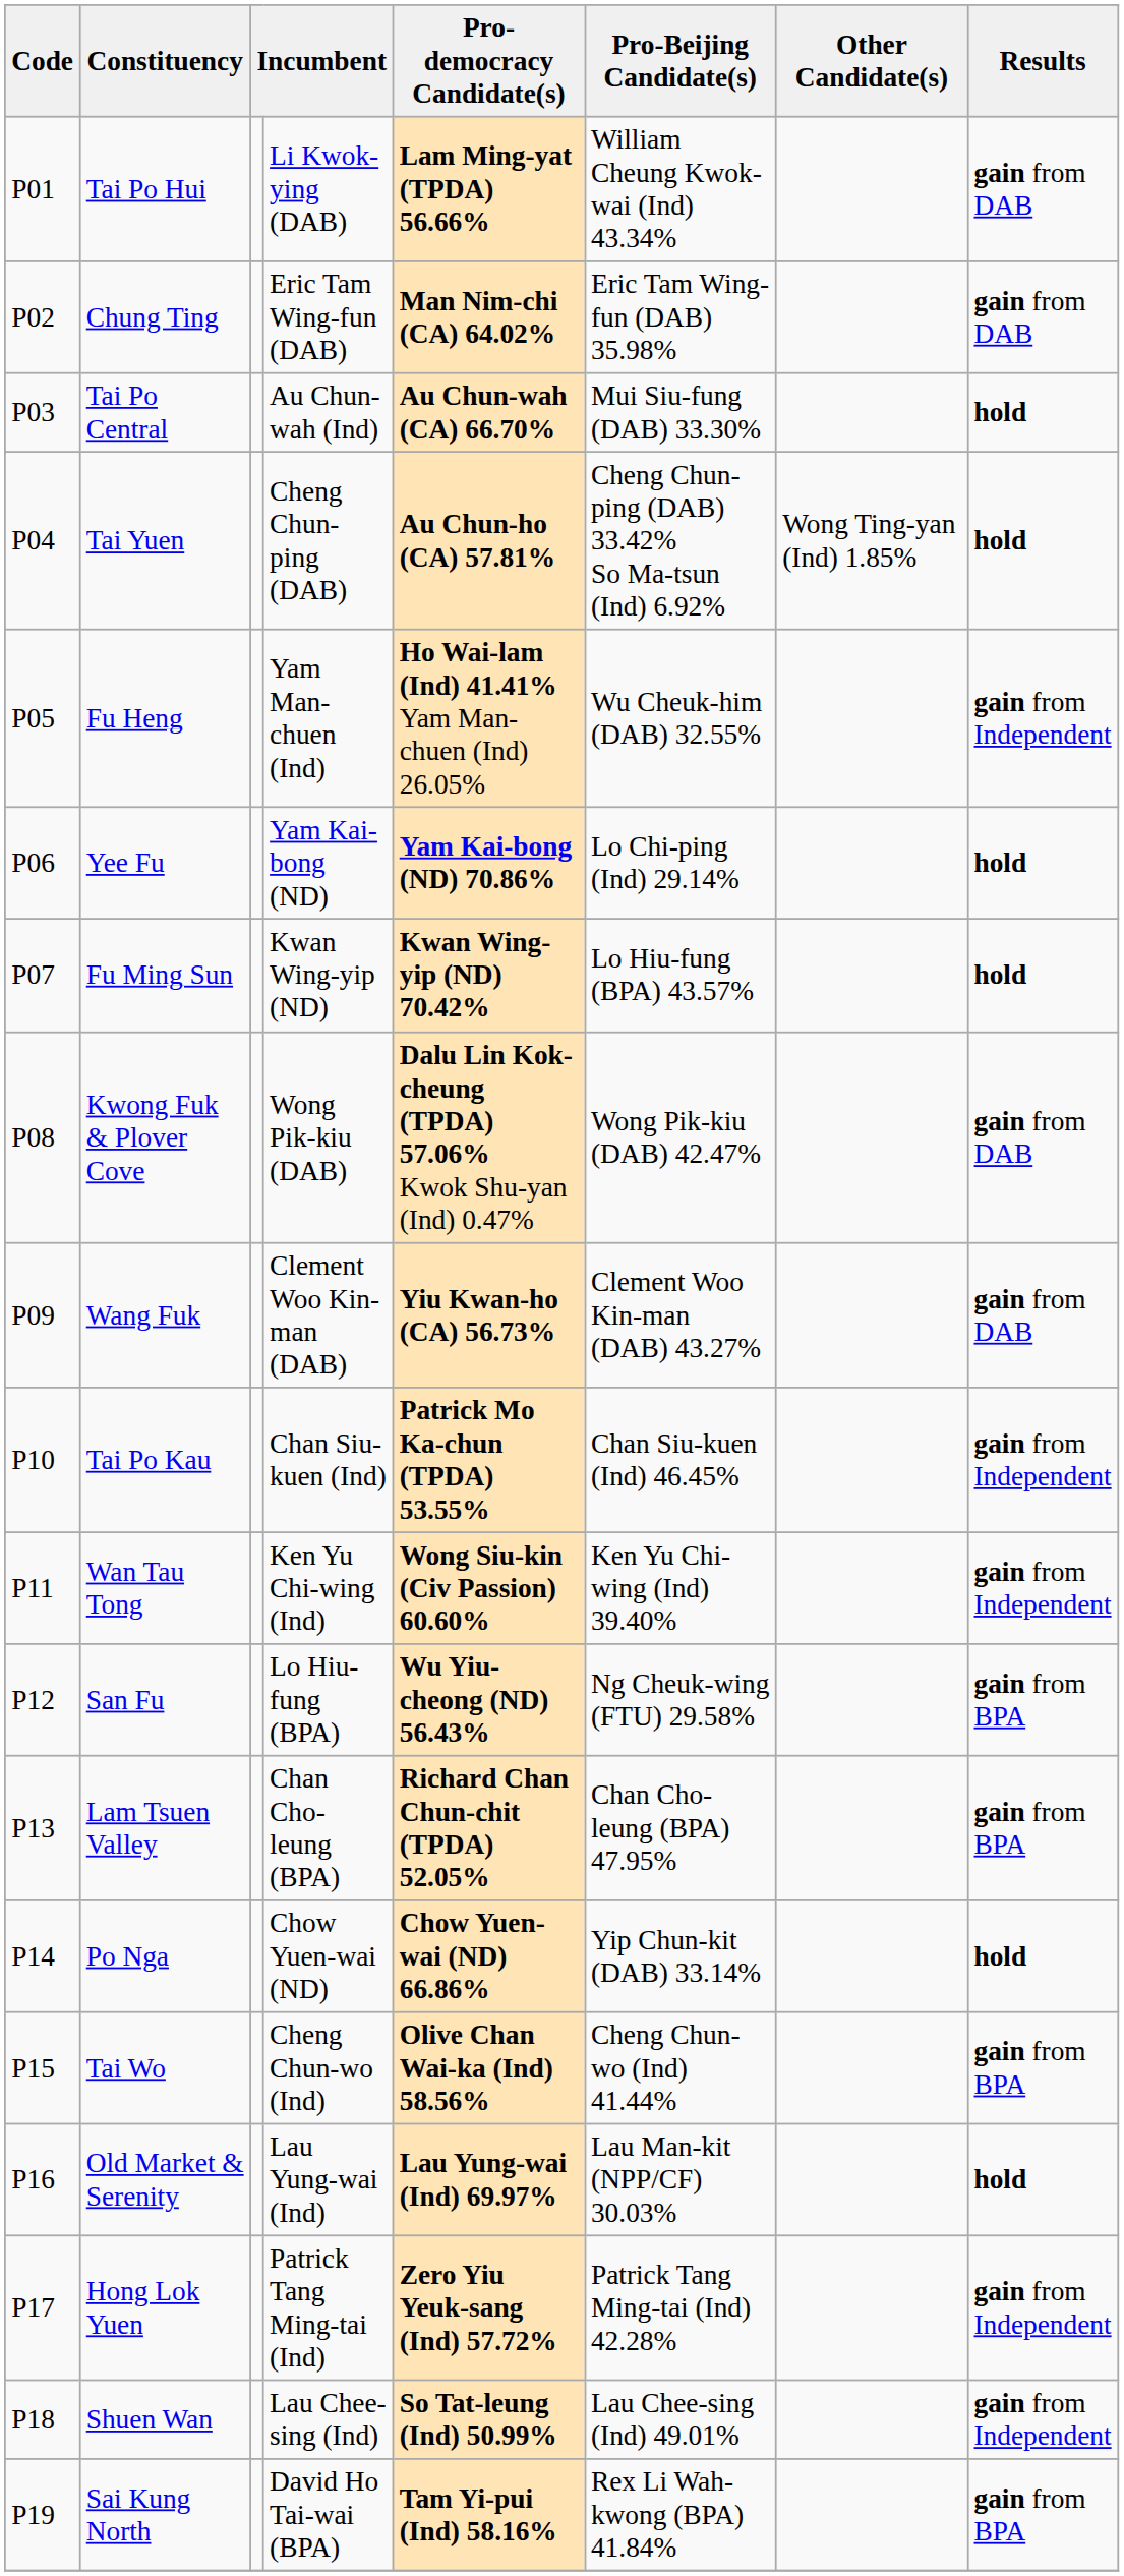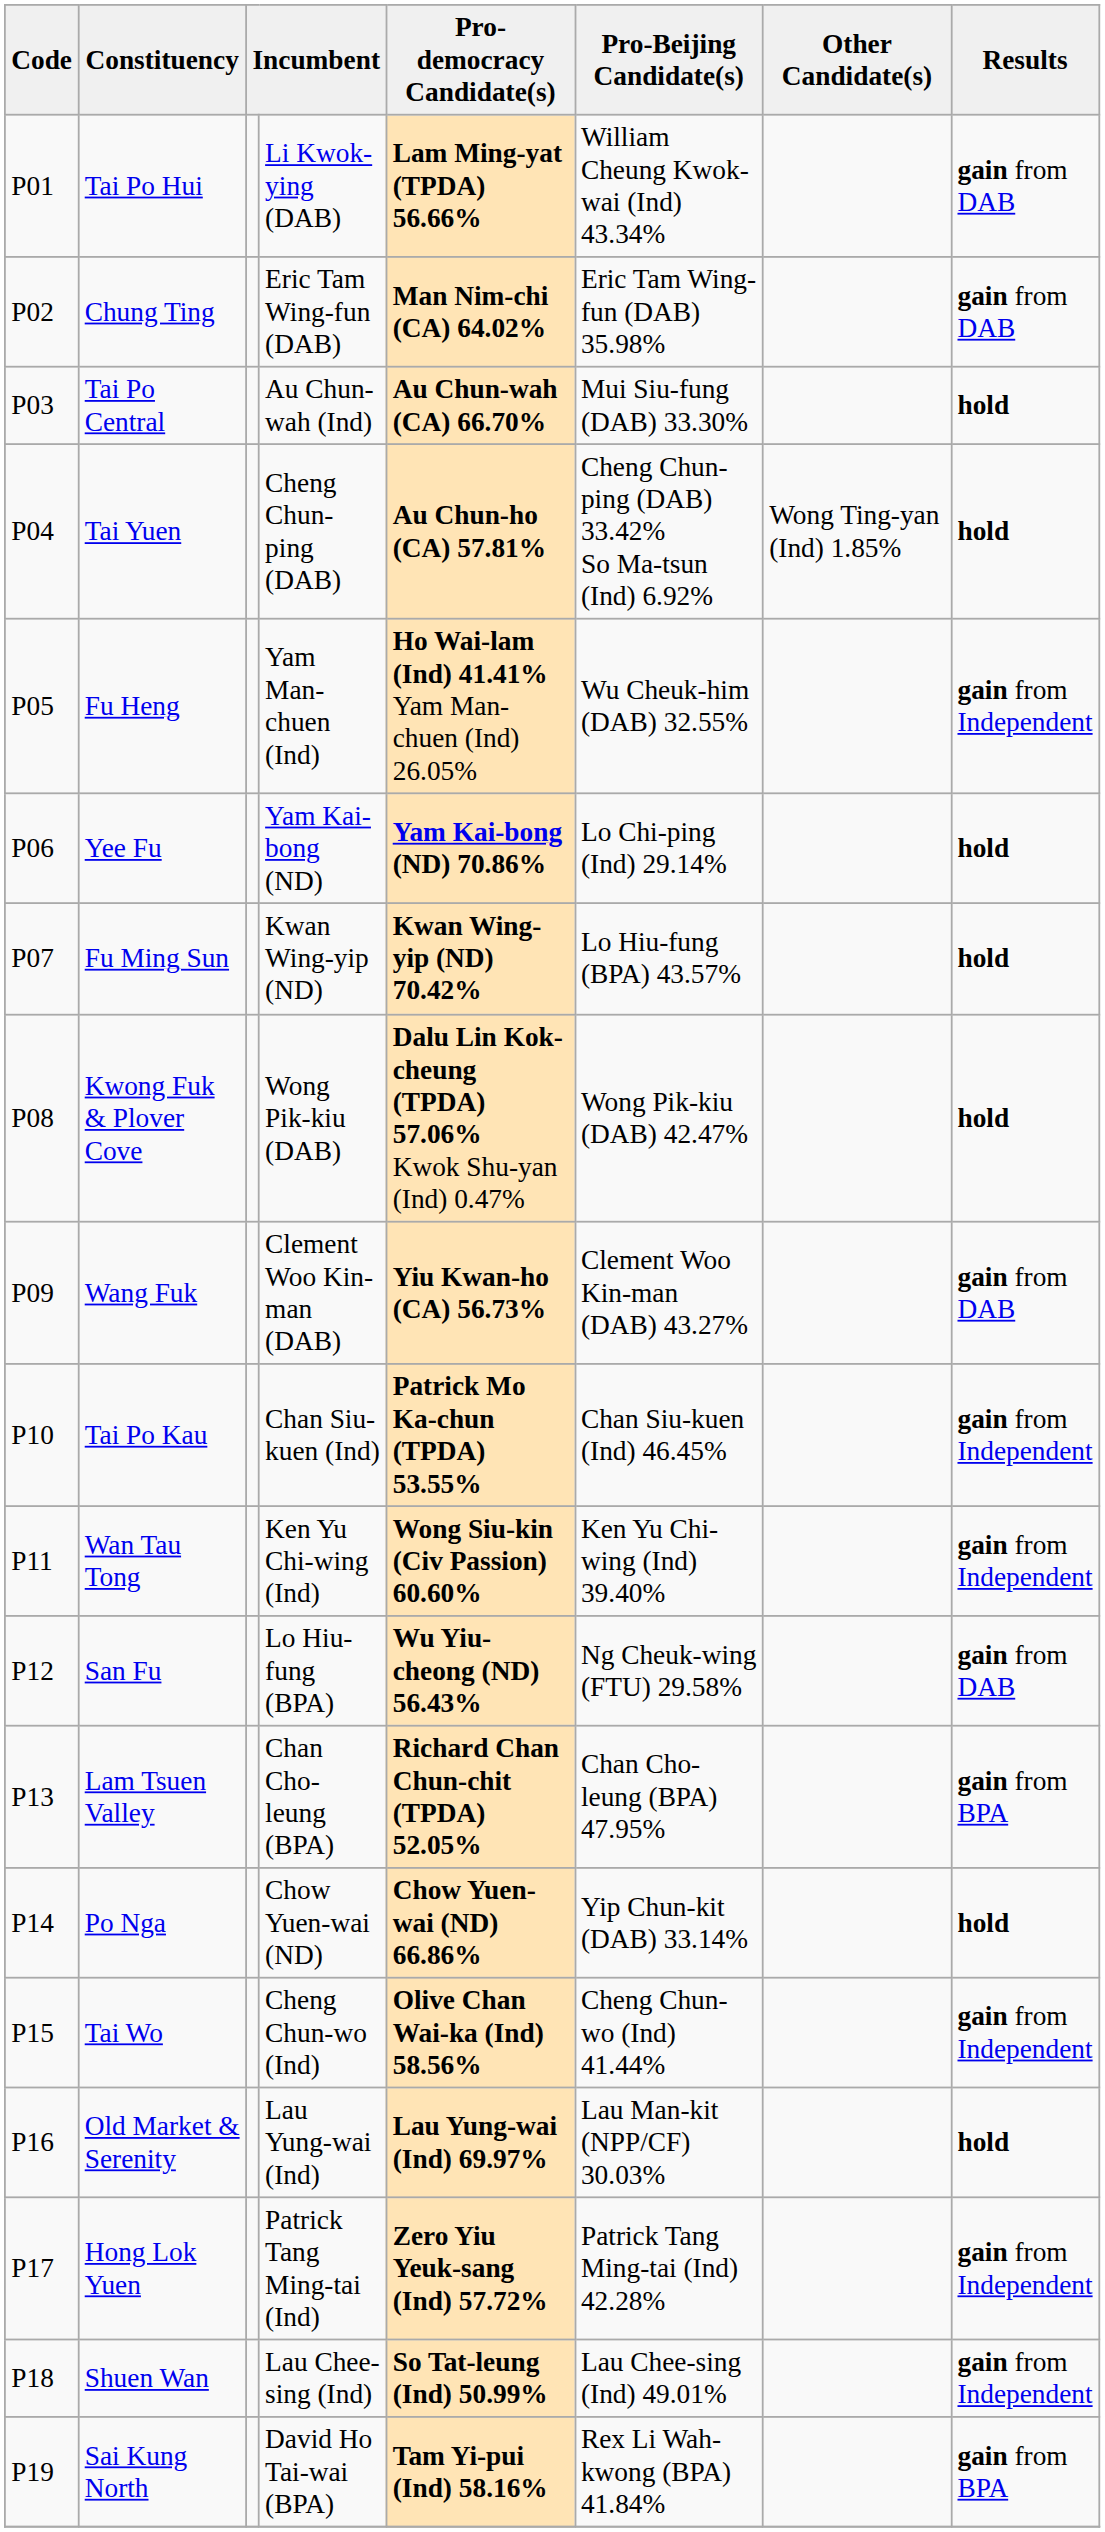 <table class="wikitable sortable" style="font-size: 95%;">
 <tr>
 <th align="center" style="background:#f0f0f0;" width="20px">Code</th>
 <th align="center" style="background:#f0f0f0;" width="90px">Constituency</th>
 <th align="center" style="background:#f0f0f0;" width="120px" colspan=2>Incumbent</th>
 <th align="center" style="background:#f0f0f0;" width="160px">Pro-democracy Candidate(s)</th>
 <th align="center" style="background:#f0f0f0;" width="160px">Pro-Beijing Candidate(s)</th>
 <th align="center" style="background:#f0f0f0;" width="160px">Other Candidate(s)</th>
 <th align="center" style="background:#f0f0f0;" width="100px" colspan="2">Results</th>
 </tr>
 <tr>
 <td>P01</td>
 <td><a href='#'>Tai Po Hui</a></td>
 <td></td>
 <td><a href='#'>Li Kwok-ying</a> (DAB)</td>
 <td style="background-color:Moccasin"><strong>Lam Ming-yat (TPDA) 56.66%</strong></td>
 <td>William Cheung Kwok-wai (Ind) 43.34%</td>
 <td></td>
 <td> <strong>gain</strong> from <a href='#'>DAB</a></td>
 </tr>
 <tr>
 <td>P02</td>
 <td><a href='#'>Chung Ting</a></td>
 <td></td>
 <td>Eric Tam Wing-fun (DAB)</td>
 <td style="background-color:Moccasin"><strong>Man Nim-chi (CA) 64.02%</strong></td>
 <td>Eric Tam Wing-fun (DAB) 35.98%</td>
 <td></td>
 <td> <strong>gain</strong> from <a href='#'>DAB</a></td>
 </tr>
 <tr>
 <td>P03</td>
 <td><a href='#'>Tai Po Central</a></td>
 <td></td>
 <td>Au Chun-wah (Ind)</td>
 <td style="background-color:Moccasin"><strong>Au Chun-wah (CA) 66.70%</strong></td>
 <td>Mui Siu-fung (DAB) 33.30%</td>
 <td></td>
 <td> <strong>hold</strong></td>
 </tr>
 <tr>
 <td>P04</td>
 <td><a href='#'>Tai Yuen</a></td>
 <td></td>
 <td>Cheng Chun-ping (DAB)</td>
 <td style="background-color:Moccasin"><strong>Au Chun-ho (CA) 57.81%</strong></td>
 <td>Cheng Chun-ping (DAB) 33.42%<br>So Ma-tsun (Ind) 6.92%</td>
 <td>Wong Ting-yan (Ind) 1.85%</td>
 <td> <strong>hold</strong></td>
 </tr>
 <tr>
 <td>P05</td>
 <td><a href='#'>Fu Heng</a></td>
 <td></td>
 <td>Yam Man-chuen (Ind)</td>
 <td style="background-color:Moccasin"><strong>Ho Wai-lam (Ind) 41.41%</strong><br>Yam Man-chuen (Ind) 26.05%</td>
 <td>Wu Cheuk-him (DAB) 32.55%</td>
 <td></td>
 <td> <strong>gain</strong> from <a href='#'>Independent</a></td>
 </tr>
 <tr>
 <td>P06</td>
 <td><a href='#'>Yee Fu</a></td>
 <td></td>
 <td><a href='#'>Yam Kai-bong</a> (ND)</td>
 <td style="background-color:Moccasin"><strong><a href='#'>Yam Kai-bong</a> (ND) 70.86%</strong></td>
 <td>Lo Chi-ping (Ind) 29.14%</td>
 <td></td>
 <td> <strong>hold</strong></td>
 </tr>
 <tr>
 <td>P07</td>
 <td><a href='#'>Fu Ming Sun</a></td>
 <td></td>
 <td>Kwan Wing-yip (ND)</td>
 <td style="background-color:Moccasin"><strong>Kwan Wing-yip (ND) 70.42%</strong></td>
 <td>Lo Hiu-fung (BPA) 43.57%</td>
 <td></td>
 <td> <strong>hold</strong></td>
 </tr>
 <tr>
 <td>P08</td>
 <td><a href='#'>Kwong Fuk & Plover Cove</a></td>
 <td></td>
 <td>Wong Pik-kiu (DAB)</td>
 <td style="background-color:Moccasin"><strong>Dalu Lin Kok-cheung (TPDA) 57.06%</strong><br>Kwok Shu-yan (Ind) 0.47%</td>
 <td>Wong Pik-kiu (DAB) 42.47%</td>
 <td></td>
-<td> <strong>gain</strong> from <a href='#'>DAB</a></td>
+<td> <strong>hold</strong></td>
 </tr>
 <tr>
 <td>P09</td>
 <td><a href='#'>Wang Fuk</a></td>
 <td></td>
 <td>Clement Woo Kin-man (DAB)</td>
 <td style="background-color:Moccasin"><strong>Yiu Kwan-ho (CA) 56.73%</strong></td>
 <td>Clement Woo Kin-man (DAB) 43.27%</td>
 <td></td>
 <td> <strong>gain</strong> from <a href='#'>DAB</a></td>
 </tr>
 <tr>
 <td>P10</td>
 <td><a href='#'>Tai Po Kau</a></td>
 <td></td>
 <td>Chan Siu-kuen (Ind)</td>
 <td style="background-color:Moccasin"><strong>Patrick Mo Ka-chun (TPDA) 53.55%</strong></td>
 <td>Chan Siu-kuen (Ind) 46.45%</td>
 <td></td>
 <td> <strong>gain</strong> from <a href='#'>Independent</a></td>
 </tr>
 <tr>
 <td>P11</td>
 <td><a href='#'>Wan Tau Tong</a></td>
 <td></td>
 <td>Ken Yu Chi-wing (Ind)</td>
 <td style="background-color:Moccasin"><strong>Wong Siu-kin (Civ Passion) 60.60%</strong></td>
 <td>Ken Yu Chi-wing (Ind) 39.40%</td>
 <td></td>
 <td> <strong>gain</strong> from <a href='#'>Independent</a></td>
 </tr>
 <tr>
 <td>P12</td>
 <td><a href='#'>San Fu</a></td>
 <td></td>
 <td>Lo Hiu-fung (BPA)</td>
 <td style="background-color:Moccasin"><strong>Wu Yiu-cheong (ND) 56.43%</strong></td>
 <td>Ng Cheuk-wing (FTU) 29.58%</td>
 <td></td>
-<td> <strong>gain</strong> from <a href='#'>BPA</a></td>
+<td> <strong>gain</strong> from <a href='#'>DAB</a></td>
 </tr>
 <tr>
 <td>P13</td>
 <td><a href='#'>Lam Tsuen Valley</a></td>
 <td></td>
 <td>Chan Cho-leung (BPA)</td>
 <td style="background-color:Moccasin"><strong>Richard Chan Chun-chit (TPDA) 52.05%</strong></td>
 <td>Chan Cho-leung (BPA) 47.95%</td>
 <td></td>
 <td> <strong>gain</strong> from <a href='#'>BPA</a></td>
 </tr>
 <tr>
 <td>P14</td>
 <td><a href='#'>Po Nga</a></td>
 <td></td>
 <td>Chow Yuen-wai (ND)</td>
 <td style="background-color:Moccasin"><strong>Chow Yuen-wai (ND) 66.86%</strong></td>
 <td>Yip Chun-kit (DAB) 33.14%</td>
 <td></td>
 <td> <strong>hold</strong></td>
 </tr>
 <tr>
 <td>P15</td>
 <td><a href='#'>Tai Wo</a></td>
 <td></td>
 <td>Cheng Chun-wo (Ind)</td>
 <td style="background-color:Moccasin"><strong>Olive Chan Wai-ka (Ind) 58.56%</strong></td>
 <td>Cheng Chun-wo (Ind) 41.44%</td>
 <td></td>
-<td> <strong>gain</strong> from <a href='#'>BPA</a></td>
+<td> <strong>gain</strong> from <a href='#'>Independent</a></td>
 </tr>
 <tr>
 <td>P16</td>
 <td><a href='#'>Old Market & Serenity</a></td>
 <td></td>
 <td>Lau Yung-wai (Ind)</td>
 <td style="background-color:Moccasin"><strong>Lau Yung-wai (Ind) 69.97%</strong></td>
 <td>Lau Man-kit (NPP/CF) 30.03%</td>
 <td></td>
 <td> <strong>hold</strong></td>
 </tr>
 <tr>
 <td>P17</td>
 <td><a href='#'>Hong Lok Yuen</a></td>
 <td></td>
 <td>Patrick Tang Ming-tai (Ind)</td>
 <td style="background-color:Moccasin"><strong>Zero Yiu Yeuk-sang (Ind) 57.72%</strong></td>
 <td>Patrick Tang Ming-tai (Ind) 42.28%</td>
 <td></td>
 <td> <strong>gain</strong> from <a href='#'>Independent</a></td>
 </tr>
 <tr>
 <td>P18</td>
 <td><a href='#'>Shuen Wan</a></td>
 <td></td>
 <td>Lau Chee-sing (Ind)</td>
 <td style="background-color:Moccasin"><strong>So Tat-leung (Ind) 50.99%</strong></td>
 <td>Lau Chee-sing (Ind) 49.01%</td>
 <td></td>
 <td> <strong>gain</strong> from <a href='#'>Independent</a></td>
 </tr>
 <tr>
 <td>P19</td>
 <td><a href='#'>Sai Kung North</a></td>
 <td></td>
 <td>David Ho Tai-wai (BPA)</td>
 <td style="background-color:Moccasin"><strong>Tam Yi-pui (Ind) 58.16%</strong></td>
 <td>Rex Li Wah-kwong (BPA) 41.84%</td>
 <td></td>
 <td> <strong>gain</strong> from <a href='#'>BPA</a></td>
 </tr>
 <tr>
 </tr>
 </table>
